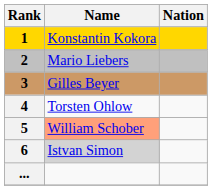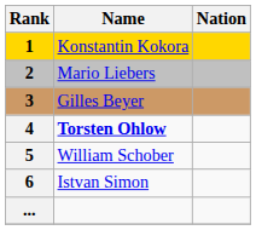 <table class="wikitable">
 <tr>
 <th>Rank</th>
 <th>Name</th>
 <th>Nation</th>
 </tr>
 <tr bgcolor="gold">
 <td align="center"><strong>1</strong></td>
 <td><a href='#'>Konstantin Kokora</a></td>
 <td></td>
 </tr>
 <tr bgcolor="silver">
 <td align="center"><strong>2</strong></td>
 <td><a href='#'>Mario Liebers</a></td>
 <td></td>
 </tr>
 <tr bgcolor="cc9966">
 <td align="center"><strong>3</strong></td>
 <td><a href='#'>Gilles Beyer</a></td>
 <td></td>
 </tr>
 <tr>
 <th>4</th>
-<td><a href='#'>Torsten Ohlow</a></td>
+<td><strong><a href='#'>Torsten Ohlow</a></strong></td>
 <td></td>
 </tr>
 <tr>
 <th>5</th>
-<td style="background: lightsalmon;"><a href='#'>William Schober</a></td>
+<td><a href='#'>William Schober</a></td>
 <td></td>
 </tr>
 <tr>
 <th>6</th>
-<td style="background: lightgrey;"><a href='#'>Istvan Simon</a></td>
+<td><a href='#'>Istvan Simon</a></td>
 <td></td>
 </tr>
 <tr>
 <th>...</th>
 <td></td>
 <td></td>
 </tr>
 <tr>
 </tr>
 </table>
